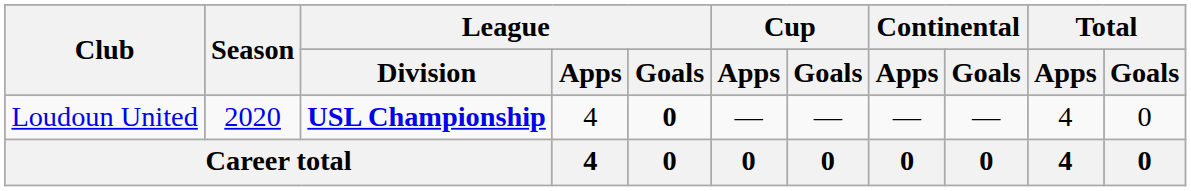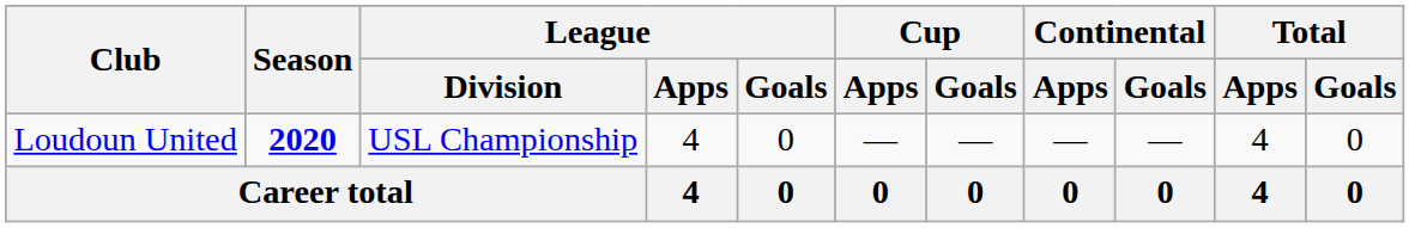 <table class=wikitable style=text-align:center>
 <tr>
 <th rowspan=2>Club</th>
 <th rowspan=2>Season</th>
 <th colspan=3>League</th>
 <th colspan=2>Cup</th>
 <th colspan=2>Continental</th>
 <th colspan=2>Total</th>
 </tr>
 <tr>
 <th>Division</th>
 <th>Apps</th>
 <th>Goals</th>
 <th>Apps</th>
 <th>Goals</th>
 <th>Apps</th>
 <th>Goals</th>
 <th>Apps</th>
 <th>Goals</th>
 </tr>
 <tr>
 <td rowspan=1><a href='#'>Loudoun United</a></td>
-<td><a href='#'>2020</a></td>
-<td><strong><a href='#'>USL Championship</a></strong></td>
+<td><strong><a href='#'>2020</a></strong></td>
+<td><a href='#'>USL Championship</a></td>
 <td>4</td>
-<td><strong>0</strong></td>
+<td>0</td>
 <td>—</td>
 <td>—</td>
 <td>—</td>
 <td>—</td>
 <td>4</td>
 <td>0</td>
 </tr>
 <tr>
 <th colspan=3>Career total</th>
 <th>4</th>
 <th>0</th>
 <th>0</th>
 <th>0</th>
 <th>0</th>
 <th>0</th>
 <th>4</th>
 <th>0</th>
 </tr>
 </table>
